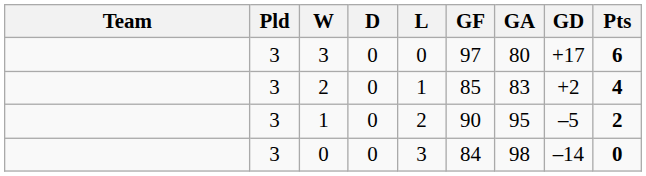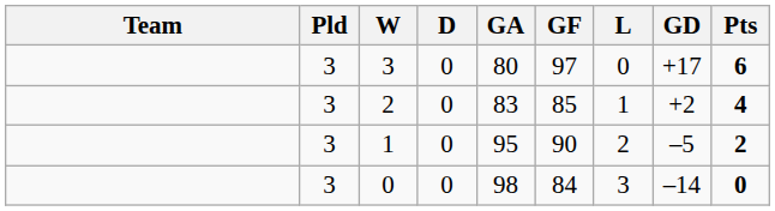 <table class="wikitable" style="text-align: center;">
 <tr>
 <th width="180">Team</th>
 <th width="30">Pld</th>
 <th width="30">W</th>
 <th width="30">D</th>
+<th width="30">GA</th>
+<th width="30">GF</th>
 <th width="30">L</th>
-<th width="30">GF</th>
-<th width="30">GA</th>
 <th width="30">GD</th>
 <th width="30">Pts</th>
 </tr>
 <tr>
 <td align="left"></td>
 <td>3</td>
 <td>3</td>
 <td>0</td>
+<td>80</td>
+<td>97</td>
 <td>0</td>
-<td>97</td>
-<td>80</td>
 <td>+17</td>
 <td><strong>6</strong></td>
 </tr>
 <tr>
 <td align="left"></td>
 <td>3</td>
 <td>2</td>
 <td>0</td>
+<td>83</td>
+<td>85</td>
 <td>1</td>
-<td>85</td>
-<td>83</td>
 <td>+2</td>
 <td><strong>4</strong></td>
 </tr>
 <tr>
 <td align="left"></td>
 <td>3</td>
 <td>1</td>
 <td>0</td>
+<td>95</td>
+<td>90</td>
 <td>2</td>
-<td>90</td>
-<td>95</td>
 <td>–5</td>
 <td><strong>2</strong></td>
 </tr>
 <tr>
 <td align="left"></td>
 <td>3</td>
 <td>0</td>
 <td>0</td>
+<td>98</td>
+<td>84</td>
 <td>3</td>
-<td>84</td>
-<td>98</td>
 <td>–14</td>
 <td><strong>0</strong></td>
 </tr>
 </table>
